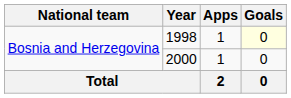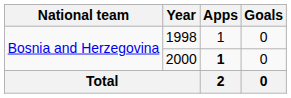 <table class="wikitable" style="text-align:center">
 <tr>
 <th>National team</th>
 <th>Year</th>
 <th>Apps</th>
 <th>Goals</th>
 </tr>
 <tr>
 <td rowspan="2"><a href='#'>Bosnia and Herzegovina</a></td>
 <td>1998</td>
 <td>1</td>
-<td style="background: lightyellow;">0</td>
+<td>0</td>
 </tr>
 <tr>
 <td>2000</td>
-<td>1</td>
+<td><strong>1</strong></td>
 <td>0</td>
 </tr>
 <tr>
 <th colspan="2">Total</th>
 <th>2</th>
 <th>0</th>
 </tr>
 </table>
